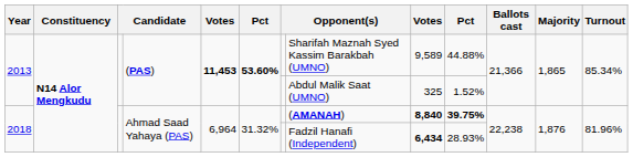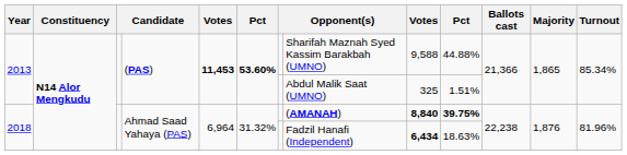 <table class="wikitable" style="margin:0.5em ; font-size:95%">
 <tr>
 <th>Year</th>
 <th>Constituency</th>
 <th colspan=2>Candidate</th>
 <th>Votes</th>
 <th>Pct</th>
 <th colspan=2>Opponent(s)</th>
 <th>Votes</th>
 <th>Pct</th>
 <th>Ballots cast</th>
 <th>Majority</th>
 <th>Turnout</th>
 </tr>
 <tr>
 <td rowspan=2><a href='#'>2013</a></td>
 <td rowspan="4"><strong>N14 <a href='#'>Alor Mengkudu</a></strong></td>
 <td rowspan=2 ></td>
 <td rowspan=2> (<a href='#'><strong>PAS</strong></a>)</td>
 <td rowspan=2 align=right><strong>11,453</strong></td>
 <td rowspan=2><strong>53.60%</strong></td>
 <td></td>
 <td>Sharifah Maznah Syed Kassim Barakbah (<a href='#'>UMNO</a>)</td>
-<td align=right>9,589</td>
+<td align=right>9,588</td>
 <td>44.88%</td>
 <td rowspan=2>21,366</td>
 <td rowspan=2>1,865</td>
 <td rowspan=2>85.34%</td>
 </tr>
 <tr>
 <td></td>
 <td>Abdul Malik Saat (<a href='#'>UMNO</a>)</td>
 <td align=right>325</td>
-<td align=right>1.52%</td>
+<td align=right>1.51%</td>
 </tr>
 <tr>
 <td rowspan="2"><a href='#'>2018</a></td>
 <td rowspan=2 ></td>
 <td rowspan=2>Ahmad Saad Yahaya (<a href='#'>PAS</a>)</td>
 <td rowspan="2" align="right">6,964</td>
 <td rowspan="2">31.32%</td>
 <td></td>
 <td> (<a href='#'><strong>AMANAH</strong></a>)</td>
 <td align="right"><strong>8,840</strong></td>
 <td><strong>39.75%</strong></td>
 <td rowspan="2">22,238</td>
 <td rowspan="2">1,876</td>
 <td rowspan="2">81.96%</td>
 </tr>
 <tr>
 <td></td>
 <td>Fadzil Hanafi (<a href='#'>Independent</a>)</td>
 <td align="right"><strong>6,434</strong></td>
-<td align="right">28.93%</td>
+<td align="right">18.63%</td>
 </tr>
 </table>
